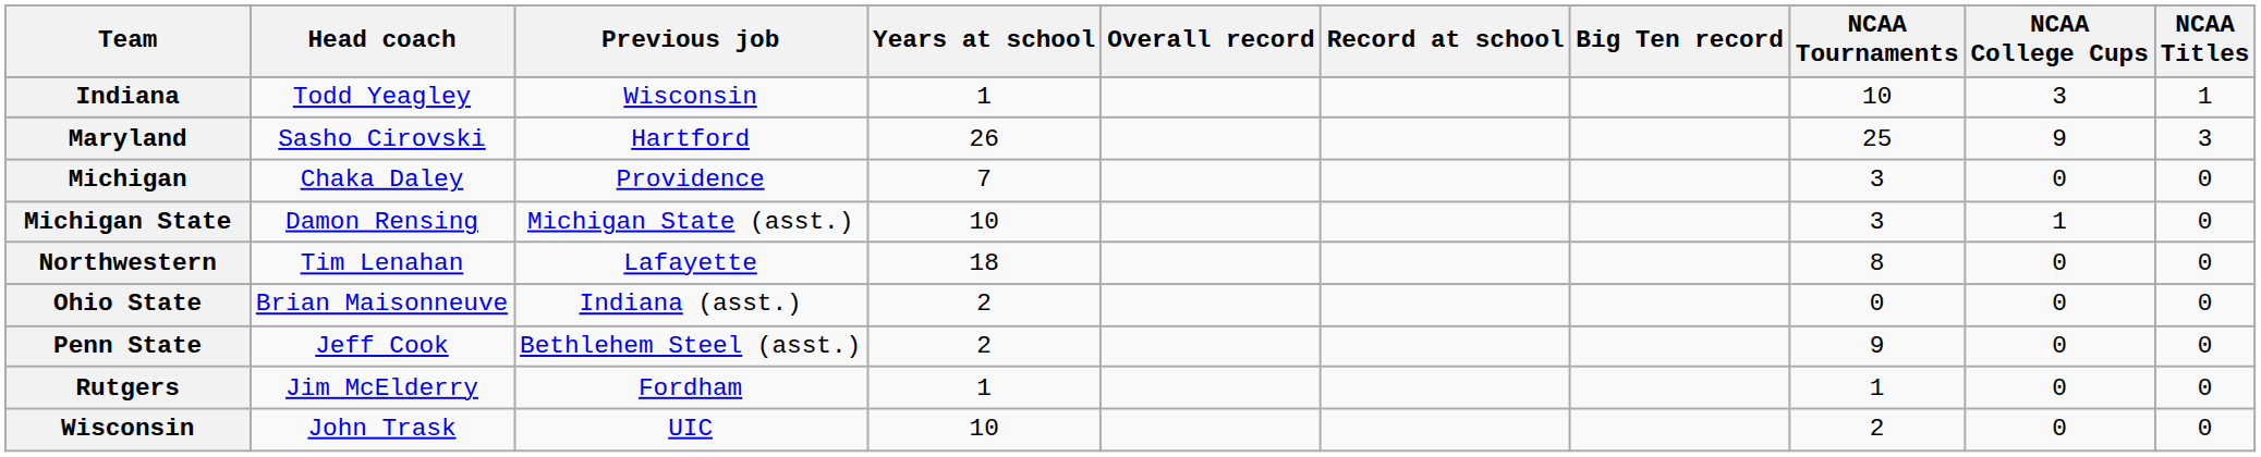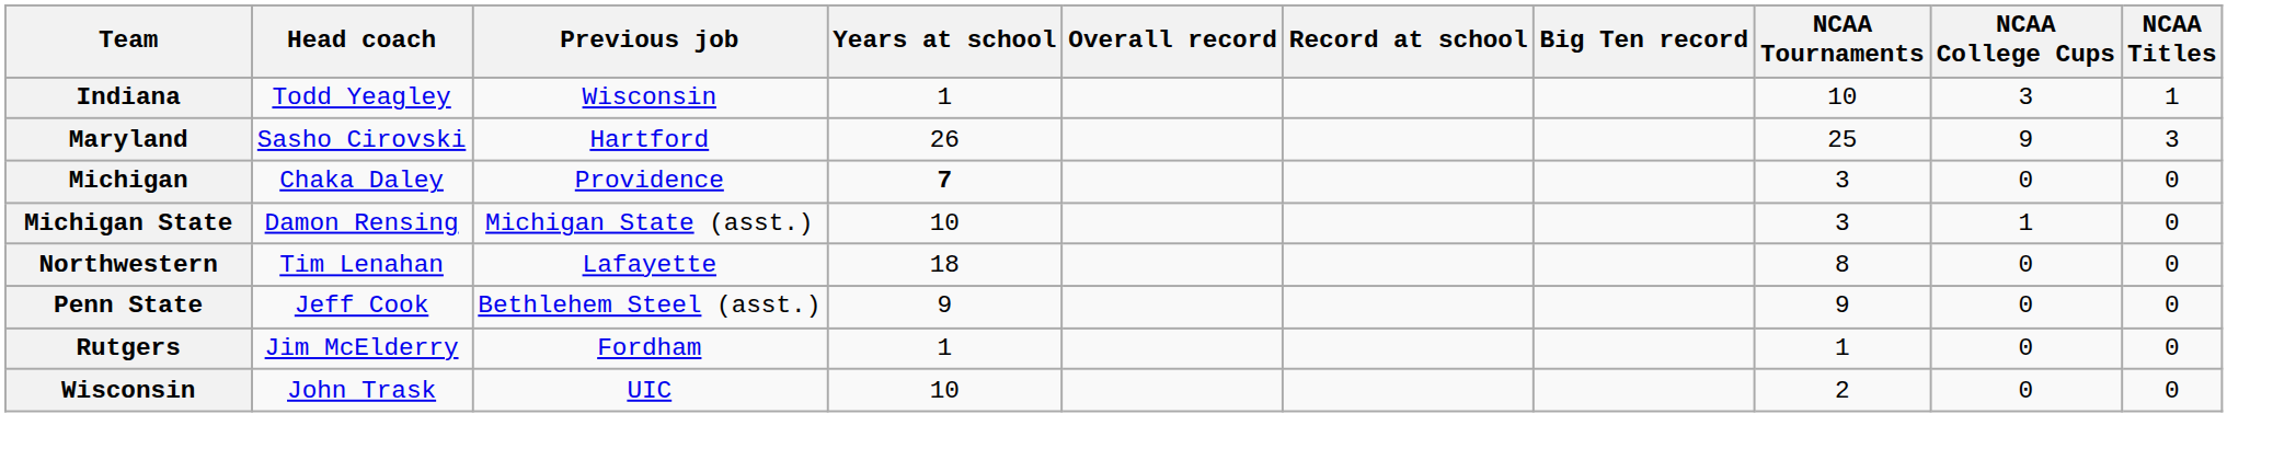 <table class="wikitable sortable" style="text-align: center;font-size:90%;">
 <tr>
 <th width="110">Team</th>
 <th>Head coach</th>
 <th>Previous job</th>
 <th>Years at school</th>
 <th>Overall record</th>
 <th>Record at school</th>
 <th>Big Ten record</th>
 <th>NCAA<br>Tournaments</th>
 <th>NCAA<br>College Cups</th>
 <th>NCAA<br>Titles</th>
 </tr>
 <tr>
 <th>Indiana</th>
 <td><a href='#'>Todd Yeagley</a></td>
 <td><a href='#'>Wisconsin</a></td>
 <td>1</td>
 <td></td>
 <td></td>
 <td></td>
 <td>10</td>
 <td>3</td>
 <td>1</td>
 </tr>
 <tr>
 <th>Maryland</th>
 <td><a href='#'>Sasho Cirovski</a></td>
 <td><a href='#'>Hartford</a></td>
 <td>26</td>
 <td></td>
 <td></td>
 <td></td>
 <td>25</td>
 <td>9</td>
 <td>3</td>
 </tr>
 <tr>
 <th>Michigan</th>
 <td><a href='#'>Chaka Daley</a></td>
 <td><a href='#'>Providence</a></td>
-<td>7</td>
+<td><strong>7</strong></td>
 <td></td>
 <td></td>
 <td></td>
 <td>3</td>
 <td>0</td>
 <td>0</td>
 </tr>
 <tr>
 <th>Michigan State</th>
 <td><a href='#'>Damon Rensing</a></td>
 <td><a href='#'>Michigan State</a> (asst.)</td>
 <td>10</td>
 <td></td>
 <td></td>
 <td></td>
 <td>3</td>
 <td>1</td>
 <td>0</td>
 </tr>
 <tr>
 <th>Northwestern</th>
 <td><a href='#'>Tim Lenahan</a></td>
 <td><a href='#'>Lafayette</a></td>
 <td>18</td>
 <td></td>
 <td></td>
 <td></td>
 <td>8</td>
 <td>0</td>
 <td>0</td>
 </tr>
 <tr>
-<th>Ohio State</th>
-<td><a href='#'>Brian Maisonneuve</a></td>
-<td><a href='#'>Indiana</a> (asst.)</td>
-<td>2</td>
-<td></td>
-<td></td>
-<td></td>
-<td>0</td>
-<td>0</td>
-<td>0</td>
-</tr>
-<tr>
 <th>Penn State</th>
 <td><a href='#'>Jeff Cook</a></td>
 <td><a href='#'>Bethlehem Steel</a> (asst.)</td>
-<td>2</td>
+<td>9</td>
 <td></td>
 <td></td>
 <td></td>
 <td>9</td>
 <td>0</td>
 <td>0</td>
 </tr>
 <tr>
 <th>Rutgers</th>
 <td><a href='#'>Jim McElderry</a></td>
 <td><a href='#'>Fordham</a></td>
 <td>1</td>
 <td></td>
 <td></td>
 <td></td>
 <td>1</td>
 <td>0</td>
 <td>0</td>
 </tr>
 <tr>
 <th>Wisconsin</th>
 <td><a href='#'>John Trask</a></td>
 <td><a href='#'>UIC</a></td>
 <td>10</td>
 <td></td>
 <td></td>
 <td></td>
 <td>2</td>
 <td>0</td>
 <td>0</td>
 </tr>
 </table>
